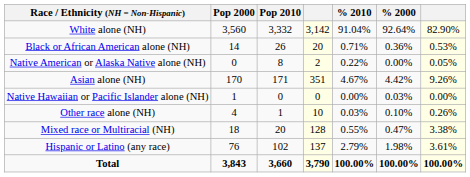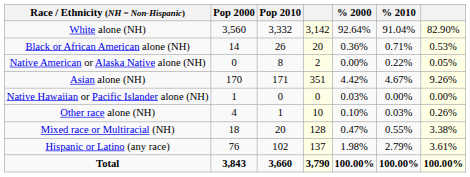 <table class="wikitable" style="text-align:center;">
 <tr>
 <th>Race / Ethnicity <small>(<em>NH = Non-Hispanic</em>)</small></th>
 <th>Pop 2000</th>
 <th>Pop 2010</th>
 <th></th>
+<th>% 2000</th>
 <th>% 2010</th>
-<th>% 2000</th>
 <th></th>
 </tr>
 <tr>
 <td><a href='#'>White</a> alone (NH)</td>
 <td>3,560</td>
 <td>3,332</td>
 <td style='background: #ffffe6;'>3,142</td>
+<td>92.64%</td>
 <td>91.04%</td>
-<td>92.64%</td>
 <td style='background: #ffffe6;'>82.90%</td>
 </tr>
 <tr>
 <td><a href='#'>Black or African American</a> alone (NH)</td>
 <td>14</td>
 <td>26</td>
 <td style='background: #ffffe6;'>20</td>
+<td>0.36%</td>
 <td>0.71%</td>
-<td>0.36%</td>
 <td style='background: #ffffe6;'>0.53%</td>
 </tr>
 <tr>
 <td><a href='#'>Native American</a> or <a href='#'>Alaska Native</a> alone (NH)</td>
 <td>0</td>
 <td>8</td>
 <td style='background: #ffffe6;'>2</td>
+<td>0.00%</td>
 <td>0.22%</td>
-<td>0.00%</td>
 <td style='background: #ffffe6;'>0.05%</td>
 </tr>
 <tr>
 <td><a href='#'>Asian</a> alone (NH)</td>
 <td>170</td>
 <td>171</td>
 <td style='background: #ffffe6;'>351</td>
+<td>4.42%</td>
 <td>4.67%</td>
-<td>4.42%</td>
 <td style='background: #ffffe6;'>9.26%</td>
 </tr>
 <tr>
 <td><a href='#'>Native Hawaiian</a> or <a href='#'>Pacific Islander</a> alone (NH)</td>
 <td>1</td>
 <td>0</td>
 <td style='background: #ffffe6;'>0</td>
+<td>0.03%</td>
 <td>0.00%</td>
-<td>0.03%</td>
 <td style='background: #ffffe6;'>0.00%</td>
 </tr>
 <tr>
 <td><a href='#'>Other race</a> alone (NH)</td>
 <td>4</td>
 <td>1</td>
 <td style='background: #ffffe6;'>10</td>
+<td>0.10%</td>
 <td>0.03%</td>
-<td>0.10%</td>
 <td style='background: #ffffe6;'>0.26%</td>
 </tr>
 <tr>
 <td><a href='#'>Mixed race or Multiracial</a> (NH)</td>
 <td>18</td>
 <td>20</td>
 <td style='background: #ffffe6;'>128</td>
+<td>0.47%</td>
 <td>0.55%</td>
-<td>0.47%</td>
 <td style='background: #ffffe6;'>3.38%</td>
 </tr>
 <tr>
 <td><a href='#'>Hispanic or Latino</a> (any race)</td>
 <td>76</td>
 <td>102</td>
 <td style='background: #ffffe6;'>137</td>
+<td>1.98%</td>
 <td>2.79%</td>
-<td>1.98%</td>
 <td style='background: #ffffe6;'>3.61%</td>
 </tr>
 <tr>
 <td><strong>Total</strong></td>
 <td><strong>3,843</strong></td>
 <td><strong>3,660</strong></td>
 <td style='background: #ffffe6;'><strong>3,790</strong></td>
 <td><strong>100.00%</strong></td>
 <td><strong>100.00%</strong></td>
 <td style='background: #ffffe6;'><strong>100.00%</strong></td>
 </tr>
 </table>
